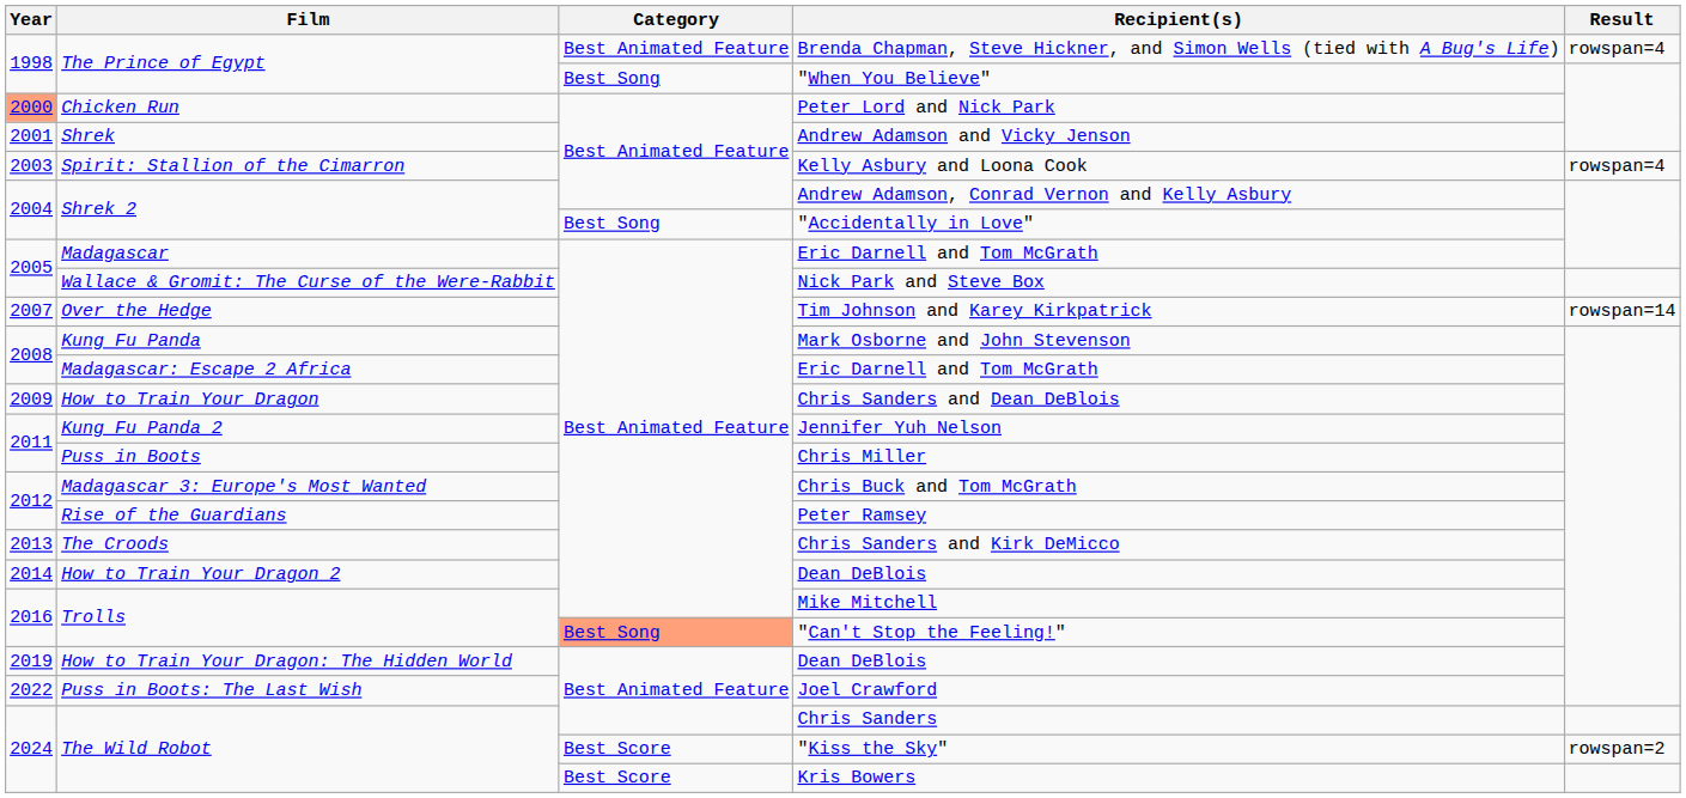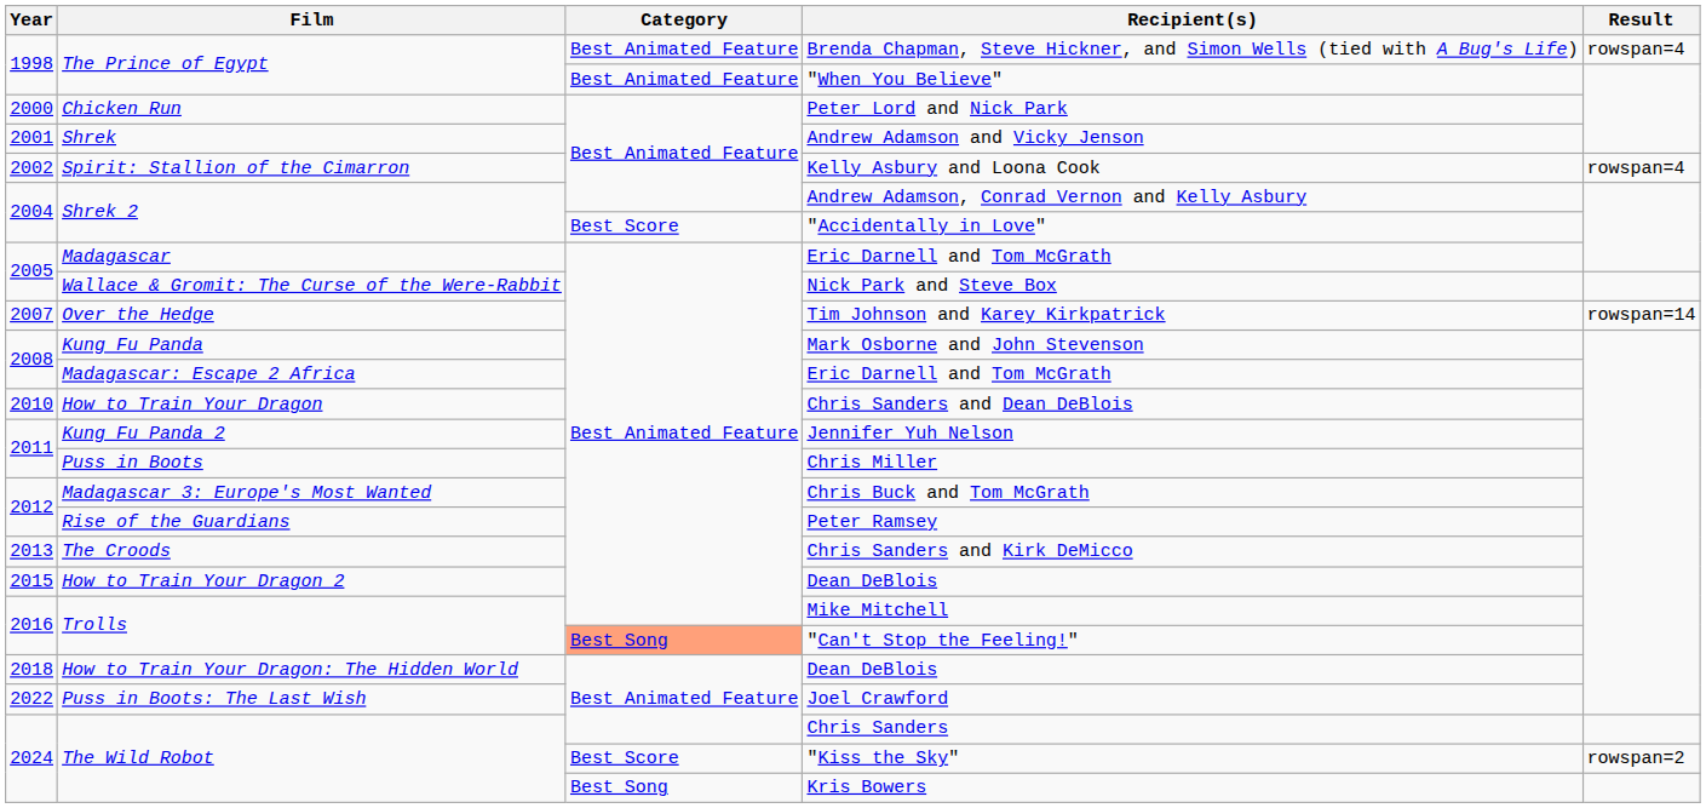 <table class="wikitable">
 <tr>
 <th>Year</th>
 <th>Film</th>
 <th>Category</th>
 <th>Recipient(s)</th>
 <th>Result</th>
 </tr>
 <tr>
 <td rowspan=2><a href='#'>1998</a></td>
 <td rowspan=2><em><a href='#'>The Prince of Egypt</a></em></td>
 <td><a href='#'>Best Animated Feature</a></td>
 <td><a href='#'>Brenda Chapman</a>, <a href='#'>Steve Hickner</a>, and <a href='#'>Simon Wells</a> (tied with <em><a href='#'>A Bug's Life</a></em>)</td>
 <td>rowspan=4 </td>
 </tr>
 <tr>
-<td><a href='#'>Best Song</a></td>
+<td><a href='#'>Best Animated Feature</a></td>
 <td>"<a href='#'>When You Believe</a>"</td>
 </tr>
 <tr>
-<td style="background: lightsalmon;"><a href='#'>2000</a></td>
+<td><a href='#'>2000</a></td>
 <td><em><a href='#'>Chicken Run</a></em></td>
 <td rowspan=4><a href='#'>Best Animated Feature</a></td>
 <td><a href='#'>Peter Lord</a> and <a href='#'>Nick Park</a></td>
 </tr>
 <tr>
 <td><a href='#'>2001</a></td>
 <td><em><a href='#'>Shrek</a></em></td>
 <td><a href='#'>Andrew Adamson</a> and <a href='#'>Vicky Jenson</a></td>
 </tr>
 <tr>
-<td><a href='#'>2003</a></td>
+<td><a href='#'>2002</a></td>
 <td><em><a href='#'>Spirit: Stallion of the Cimarron</a></em></td>
 <td><a href='#'>Kelly Asbury</a> and Loona Cook</td>
 <td>rowspan=4 </td>
 </tr>
 <tr>
 <td rowspan=2><a href='#'>2004</a></td>
 <td rowspan=2><em><a href='#'>Shrek 2</a></em></td>
 <td><a href='#'>Andrew Adamson</a>, <a href='#'>Conrad Vernon</a> and <a href='#'>Kelly Asbury</a></td>
 </tr>
 <tr>
-<td><a href='#'>Best Song</a></td>
+<td><a href='#'>Best Score</a></td>
 <td>"<a href='#'>Accidentally in Love</a>"</td>
 </tr>
 <tr>
 <td rowspan=2><a href='#'>2005</a></td>
 <td><em><a href='#'>Madagascar</a></em></td>
 <td rowspan=13><a href='#'>Best Animated Feature</a></td>
 <td><a href='#'>Eric Darnell</a> and <a href='#'>Tom McGrath</a></td>
 </tr>
 <tr>
 <td><em><a href='#'>Wallace & Gromit: The Curse of the Were-Rabbit</a></em></td>
 <td><a href='#'>Nick Park</a> and <a href='#'>Steve Box</a></td>
 <td></td>
 </tr>
 <tr>
 <td><a href='#'>2007</a></td>
 <td><em><a href='#'>Over the Hedge</a></em></td>
 <td><a href='#'>Tim Johnson</a> and <a href='#'>Karey Kirkpatrick</a></td>
 <td>rowspan=14 </td>
 </tr>
 <tr>
 <td rowspan=2><a href='#'>2008</a></td>
 <td><em><a href='#'>Kung Fu Panda</a></em></td>
 <td><a href='#'>Mark Osborne</a> and <a href='#'>John Stevenson</a></td>
 </tr>
 <tr>
 <td><em><a href='#'>Madagascar: Escape 2 Africa</a></em></td>
 <td><a href='#'>Eric Darnell</a> and <a href='#'>Tom McGrath</a></td>
 </tr>
 <tr>
-<td><a href='#'>2009</a></td>
+<td><a href='#'>2010</a></td>
 <td><em><a href='#'>How to Train Your Dragon</a></em></td>
 <td><a href='#'>Chris Sanders</a> and <a href='#'>Dean DeBlois</a></td>
 </tr>
 <tr>
 <td rowspan=2><a href='#'>2011</a></td>
 <td><em><a href='#'>Kung Fu Panda 2</a></em></td>
 <td><a href='#'>Jennifer Yuh Nelson</a></td>
 </tr>
 <tr>
 <td><em><a href='#'>Puss in Boots</a></em></td>
 <td><a href='#'>Chris Miller</a></td>
 </tr>
 <tr>
 <td rowspan=2><a href='#'>2012</a></td>
 <td><em><a href='#'>Madagascar 3: Europe's Most Wanted</a></em></td>
 <td><a href='#'>Chris Buck</a> and <a href='#'>Tom McGrath</a></td>
 </tr>
 <tr>
 <td><em><a href='#'>Rise of the Guardians</a></em></td>
 <td><a href='#'>Peter Ramsey</a></td>
 </tr>
 <tr>
 <td><a href='#'>2013</a></td>
 <td><em><a href='#'>The Croods</a></em></td>
 <td><a href='#'>Chris Sanders</a> and <a href='#'>Kirk DeMicco</a></td>
 </tr>
 <tr>
-<td><a href='#'>2014</a></td>
+<td><a href='#'>2015</a></td>
 <td><em><a href='#'>How to Train Your Dragon 2</a></em></td>
 <td><a href='#'>Dean DeBlois</a></td>
 </tr>
 <tr>
 <td rowspan=2><a href='#'>2016</a></td>
 <td rowspan=2><em><a href='#'>Trolls</a></em></td>
 <td><a href='#'>Mike Mitchell</a></td>
 </tr>
 <tr>
 <td style="background: lightsalmon;"><a href='#'>Best Song</a></td>
 <td>"<a href='#'>Can't Stop the Feeling!</a>"</td>
 </tr>
 <tr>
-<td><a href='#'>2019</a></td>
+<td><a href='#'>2018</a></td>
 <td><em><a href='#'>How to Train Your Dragon: The Hidden World</a></em></td>
 <td rowspan=3><a href='#'>Best Animated Feature</a></td>
 <td><a href='#'>Dean DeBlois</a></td>
 </tr>
 <tr>
 <td><a href='#'>2022</a></td>
 <td><em><a href='#'>Puss in Boots: The Last Wish</a></em></td>
 <td><a href='#'>Joel Crawford</a></td>
 </tr>
 <tr>
 <td rowspan=3><a href='#'>2024</a></td>
 <td rowspan=3><em><a href='#'>The Wild Robot</a></em></td>
 <td><a href='#'>Chris Sanders</a></td>
 <td></td>
 </tr>
 <tr>
 <td><a href='#'>Best Score</a></td>
 <td>"<a href='#'>Kiss the Sky</a>"</td>
 <td>rowspan=2 </td>
 </tr>
 <tr>
-<td><a href='#'>Best Score</a></td>
+<td><a href='#'>Best Song</a></td>
 <td><a href='#'>Kris Bowers</a></td>
 </tr>
 </table>
